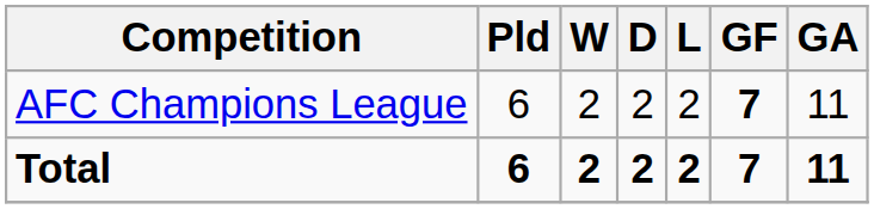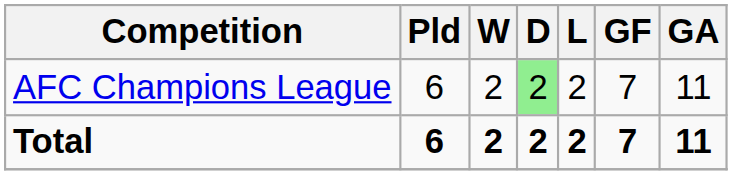 <table class="wikitable">
 <tr>
 <th>Competition</th>
 <th>Pld</th>
 <th>W</th>
 <th>D</th>
 <th>L</th>
 <th>GF</th>
 <th>GA</th>
 </tr>
 <tr>
 <td><a href='#'>AFC Champions League</a></td>
 <td style="text-align:center;">6</td>
 <td style="text-align:center;">2</td>
+<td style="background: lightgreen; text-align:center;">2</td>
 <td style="text-align:center;">2</td>
-<td style="text-align:center;">2</td>
-<td style="text-align:center;"><strong>7</strong></td>
+<td style="text-align:center;">7</td>
 <td style="text-align:center;">11</td>
 </tr>
 <tr>
 <td><strong>Total</strong></td>
 <td style="text-align:center;"><strong>6</strong></td>
 <td style="text-align:center;"><strong>2</strong></td>
 <td style="text-align:center;"><strong>2</strong></td>
 <td style="text-align:center;"><strong>2</strong></td>
 <td style="text-align:center;"><strong>7</strong></td>
 <td style="text-align:center;"><strong>11</strong></td>
 </tr>
 <tr>
 </tr>
 </table>
